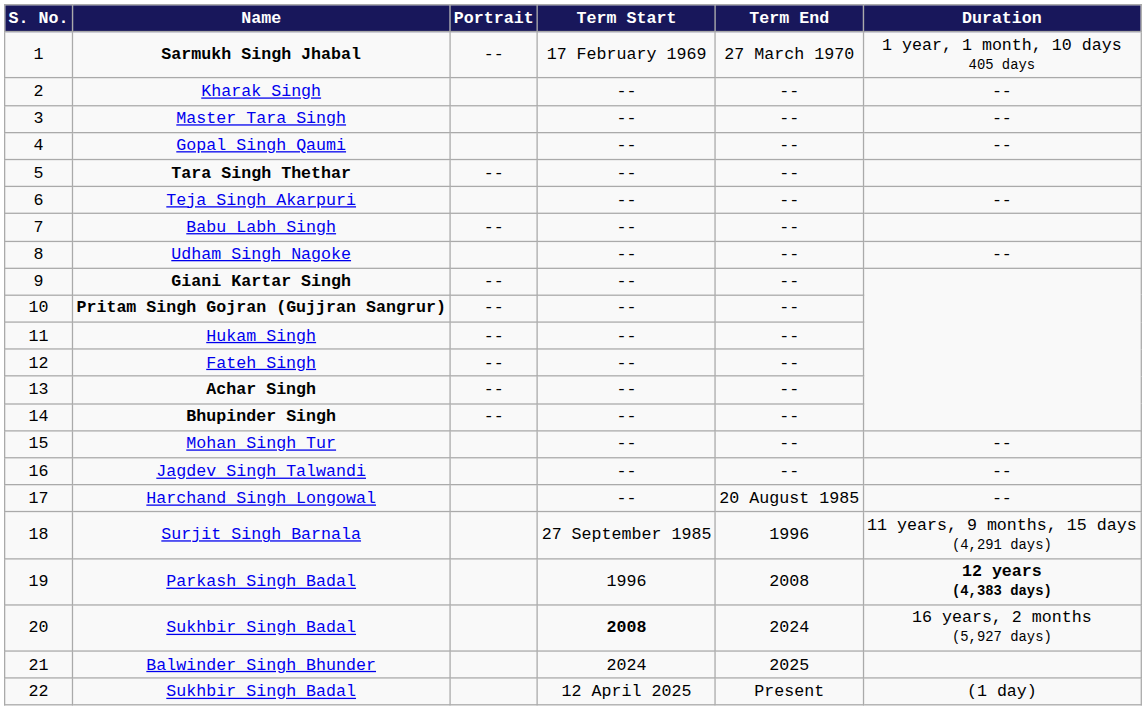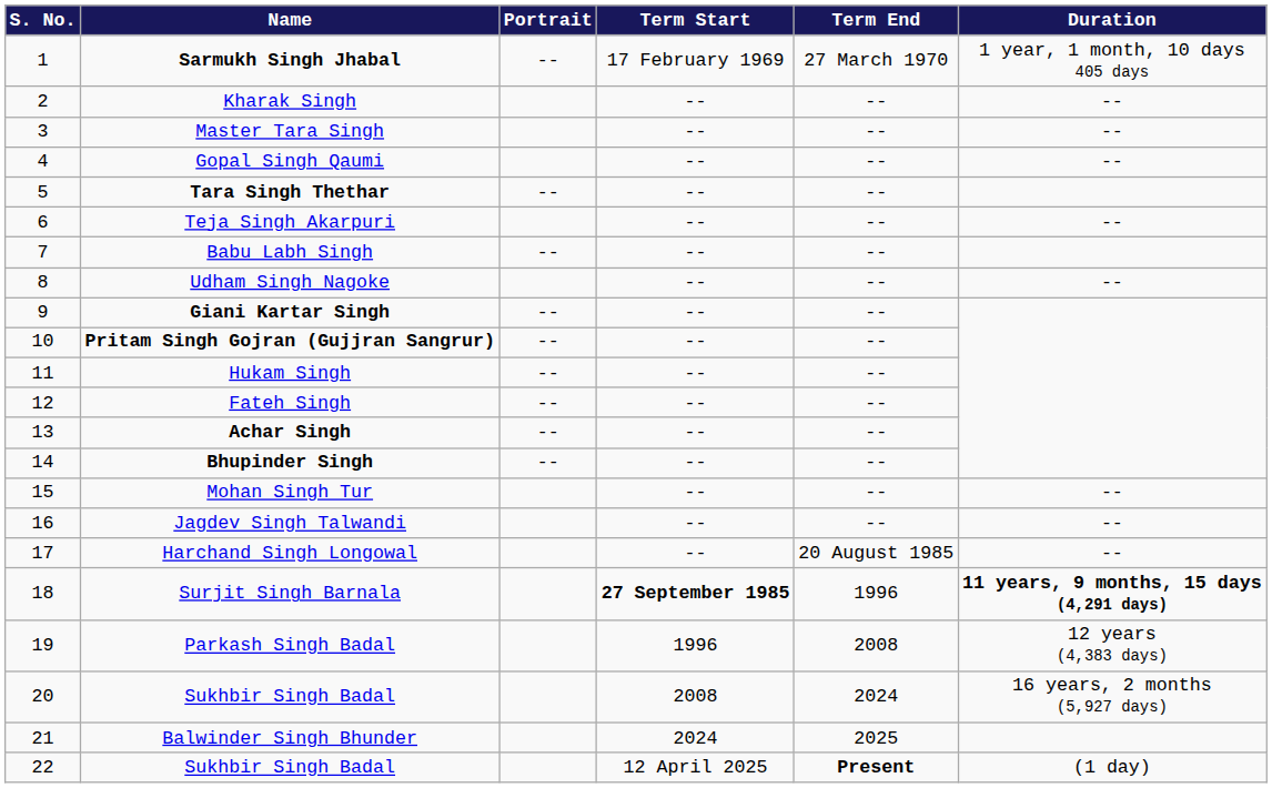 <table class="wikitable sortable" style="text-align:center; background-color:">
 <tr>
 <th style="background-color:#18175b;color:white">S. No.</th>
 <th style="background-color:#18175b;color:white">Name</th>
 <th style="background-color:#18175b;color:white">Portrait</th>
 <th style="background-color:#18175b;color:white">Term Start</th>
 <th style="background-color:#18175b;color:white">Term End</th>
 <th style="background-color:#18175b;color:white">Duration</th>
 </tr>
 <tr>
 <td>1</td>
 <td><strong>Sarmukh Singh Jhabal</strong></td>
 <td>--</td>
 <td>17 February 1969</td>
 <td>27 March 1970</td>
 <td>1 year, 1 month, 10 days<br><small>405 days</small></td>
 </tr>
 <tr>
 <td>2</td>
 <td><a href='#'>Kharak Singh</a></td>
 <td></td>
 <td>--</td>
 <td>--</td>
 <td>--</td>
 </tr>
 <tr>
 <td>3</td>
 <td><a href='#'>Master Tara Singh</a></td>
 <td></td>
 <td>--</td>
 <td>--</td>
 <td>--</td>
 </tr>
 <tr>
 <td>4</td>
 <td><a href='#'>Gopal Singh Qaumi</a></td>
 <td></td>
 <td>--</td>
 <td>--</td>
 <td>--</td>
 </tr>
 <tr>
 <td>5</td>
 <td><strong>Tara Singh Thethar</strong></td>
 <td>--</td>
 <td>--</td>
 <td>--</td>
 </tr>
 <tr>
 <td>6</td>
 <td><a href='#'>Teja Singh Akarpuri</a></td>
 <td></td>
 <td>--</td>
 <td>--</td>
 <td>--</td>
 </tr>
 <tr>
 <td>7</td>
 <td><a href='#'>Babu Labh Singh</a></td>
 <td>--</td>
 <td>--</td>
 <td>--</td>
 </tr>
 <tr>
 <td>8</td>
 <td><a href='#'>Udham Singh Nagoke</a></td>
 <td></td>
 <td>--</td>
 <td>--</td>
 <td>--</td>
 </tr>
 <tr>
 <td>9</td>
 <td><strong>Giani Kartar Singh</strong></td>
 <td>--</td>
 <td>--</td>
 <td>--</td>
 </tr>
 <tr>
 <td>10</td>
 <td><strong>Pritam Singh Gojran (Gujjran Sangrur)</strong></td>
 <td>--</td>
 <td>--</td>
 <td>--</td>
 </tr>
 <tr>
 <td>11</td>
 <td><a href='#'>Hukam Singh</a></td>
 <td>--</td>
 <td>--</td>
 <td>--</td>
 </tr>
 <tr>
 <td>12</td>
 <td><a href='#'>Fateh Singh</a></td>
 <td>--</td>
 <td>--</td>
 <td>--</td>
 </tr>
 <tr>
 <td>13</td>
 <td><strong>Achar Singh</strong></td>
 <td>--</td>
 <td>--</td>
 <td>--</td>
 </tr>
 <tr>
 <td>14</td>
 <td><strong>Bhupinder Singh</strong></td>
 <td>--</td>
 <td>--</td>
 <td>--</td>
 </tr>
 <tr>
 <td>15</td>
 <td><a href='#'>Mohan Singh Tur</a></td>
 <td></td>
 <td>--</td>
 <td>--</td>
 <td>--</td>
 </tr>
 <tr>
 <td>16</td>
 <td><a href='#'>Jagdev Singh Talwandi</a></td>
 <td></td>
 <td>--</td>
 <td>--</td>
 <td>--</td>
 </tr>
 <tr>
 <td>17</td>
 <td><a href='#'>Harchand Singh Longowal</a></td>
 <td></td>
 <td>--</td>
 <td>20 August 1985</td>
 <td>--</td>
 </tr>
 <tr>
 <td>18</td>
 <td><a href='#'>Surjit Singh Barnala</a></td>
 <td></td>
-<td>27 September 1985</td>
+<td><strong>27 September 1985</strong></td>
 <td>1996</td>
-<td>11 years, 9 months, 15 days<br><small>(4,291 days)</small></td>
+<td><strong>11 years, 9 months, 15 days<br><small>(4,291 days)</small></strong></td>
 </tr>
 <tr>
 <td>19</td>
 <td><a href='#'>Parkash Singh Badal</a></td>
 <td></td>
 <td>1996</td>
 <td>2008</td>
-<td><strong>12 years<br><small>(4,383 days)</small></strong></td>
+<td>12 years<br><small>(4,383 days)</small></td>
 </tr>
 <tr>
 <td>20</td>
 <td><a href='#'>Sukhbir Singh Badal</a></td>
 <td></td>
-<td><strong>2008</strong></td>
+<td>2008</td>
 <td>2024</td>
 <td>16 years, 2 months<br><small>(5,927 days)</small></td>
 </tr>
 <tr>
 <td>21</td>
 <td><a href='#'>Balwinder Singh Bhunder</a></td>
 <td></td>
 <td>2024</td>
 <td>2025</td>
 <td><br></td>
 </tr>
 <tr>
 <td>22</td>
 <td><a href='#'>Sukhbir Singh Badal</a></td>
 <td></td>
 <td>12 April 2025</td>
-<td>Present</td>
+<td><strong>Present</strong></td>
 <td>(1 day)</td>
 </tr>
 </table>
